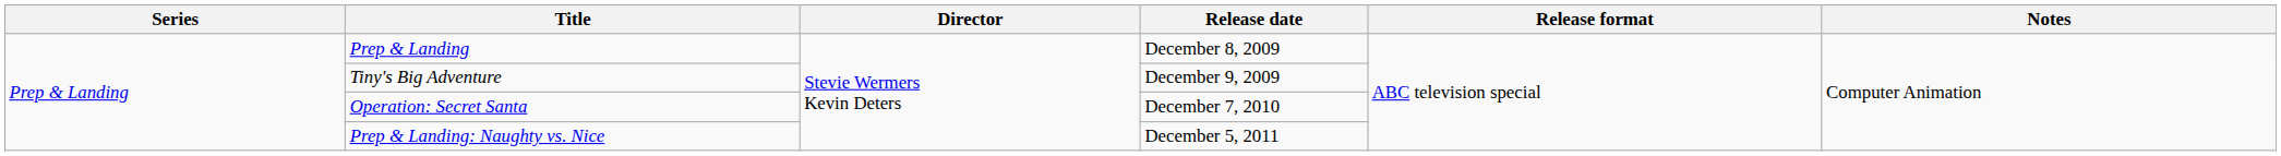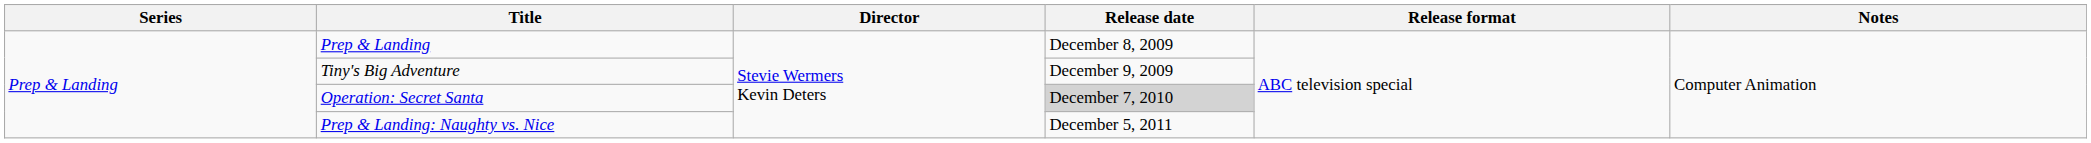 <table class="wikitable sortable" style="width:100%;">
 <tr>
 <th style="width:15%;">Series</th>
 <th style="width:20%;">Title</th>
 <th style="width:15%;">Director</th>
 <th style="width:10%;">Release date</th>
 <th style="width:20%;">Release format</th>
 <th style="width:20%;">Notes</th>
 </tr>
 <tr>
 <td rowspan="4"><em><a href='#'>Prep & Landing</a></em></td>
 <td><em><a href='#'>Prep & Landing</a></em></td>
 <td rowspan="4"><a href='#'>Stevie Wermers</a> <br>Kevin Deters</td>
 <td>December 8, 2009</td>
 <td rowspan="4"><a href='#'>ABC</a> television special</td>
 <td rowspan="4">Computer Animation</td>
 </tr>
 <tr>
 <td><em>Tiny's Big Adventure</em></td>
 <td>December 9, 2009</td>
 </tr>
 <tr>
 <td><em><a href='#'>Operation: Secret Santa</a></em></td>
-<td>December 7, 2010</td>
+<td style="background: lightgrey;">December 7, 2010</td>
 </tr>
 <tr>
 <td><em><a href='#'>Prep & Landing: Naughty vs. Nice</a></em></td>
 <td>December 5, 2011</td>
 </tr>
 </table>
